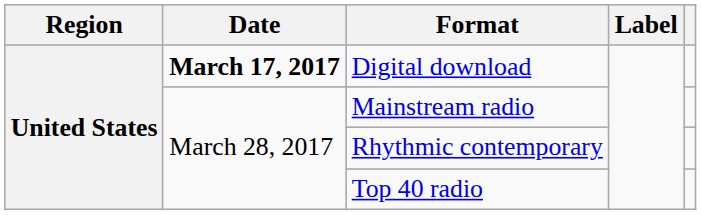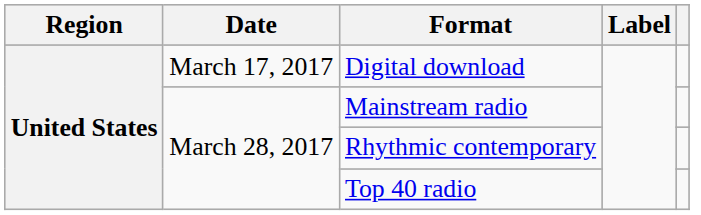 <table class="wikitable plainrowheaders">
 <tr>
 <th>Region</th>
 <th>Date</th>
 <th>Format</th>
 <th>Label</th>
 <th></th>
 </tr>
 <tr>
 <th rowspan="4" scope="row">United States</th>
-<td><strong>March 17, 2017</strong></td>
+<td>March 17, 2017</td>
 <td><a href='#'>Digital download</a></td>
 <td rowspan="4"></td>
 <td></td>
 </tr>
 <tr>
 <td rowspan="3">March 28, 2017</td>
 <td><a href='#'>Mainstream radio</a></td>
 <td></td>
 </tr>
 <tr>
 <td><a href='#'>Rhythmic contemporary</a></td>
 <td></td>
 </tr>
 <tr>
 <td><a href='#'>Top 40 radio</a></td>
 <td></td>
 </tr>
 </table>
